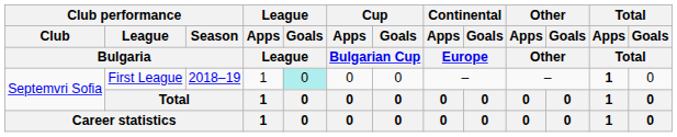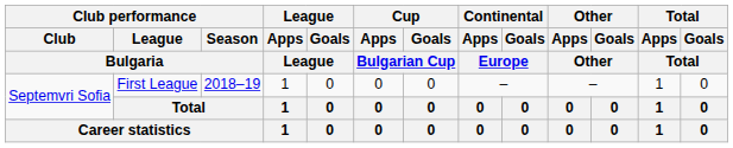 <table class="wikitable" style="text-align: center">
 <tr>
 <th colspan="3">Club performance</th>
 <th colspan="2">League</th>
 <th colspan="2">Cup</th>
 <th colspan="2">Continental</th>
 <th colspan="2">Other</th>
 <th colspan="3">Total</th>
 </tr>
 <tr>
 <th>Club</th>
 <th>League</th>
 <th>Season</th>
 <th>Apps</th>
 <th>Goals</th>
 <th>Apps</th>
 <th>Goals</th>
 <th>Apps</th>
 <th>Goals</th>
 <th>Apps</th>
 <th>Goals</th>
 <th>Apps</th>
 <th>Goals</th>
 </tr>
 <tr>
 <th colspan="3">Bulgaria</th>
 <th colspan="2">League</th>
 <th colspan="2"><a href='#'>Bulgarian Cup</a></th>
 <th colspan="2"><a href='#'>Europe</a></th>
 <th colspan="2">Other</th>
 <th colspan="2">Total</th>
 </tr>
 <tr>
 <td rowspan="2" valign="center"><a href='#'>Septemvri Sofia</a></td>
 <td rowspan="1"><a href='#'>First League</a></td>
 <td><a href='#'>2018–19</a></td>
 <td>1</td>
-<td style="background: paleturquoise;">0</td>
+<td>0</td>
 <td>0</td>
 <td>0</td>
 <td colspan="2">–</td>
 <td colspan="2">–</td>
-<td><strong>1</strong></td>
+<td>1</td>
 <td>0</td>
 </tr>
 <tr>
 <th colspan=2>Total</th>
 <th>1</th>
 <th>0</th>
 <th>0</th>
 <th>0</th>
 <th>0</th>
 <th>0</th>
 <th>0</th>
 <th>0</th>
 <th>1</th>
 <th>0</th>
 </tr>
 <tr>
 <th colspan="3">Career statistics</th>
 <th>1</th>
 <th>0</th>
 <th>0</th>
 <th>0</th>
 <th>0</th>
 <th>0</th>
 <th>0</th>
 <th>0</th>
 <th>1</th>
 <th>0</th>
 </tr>
 </table>
